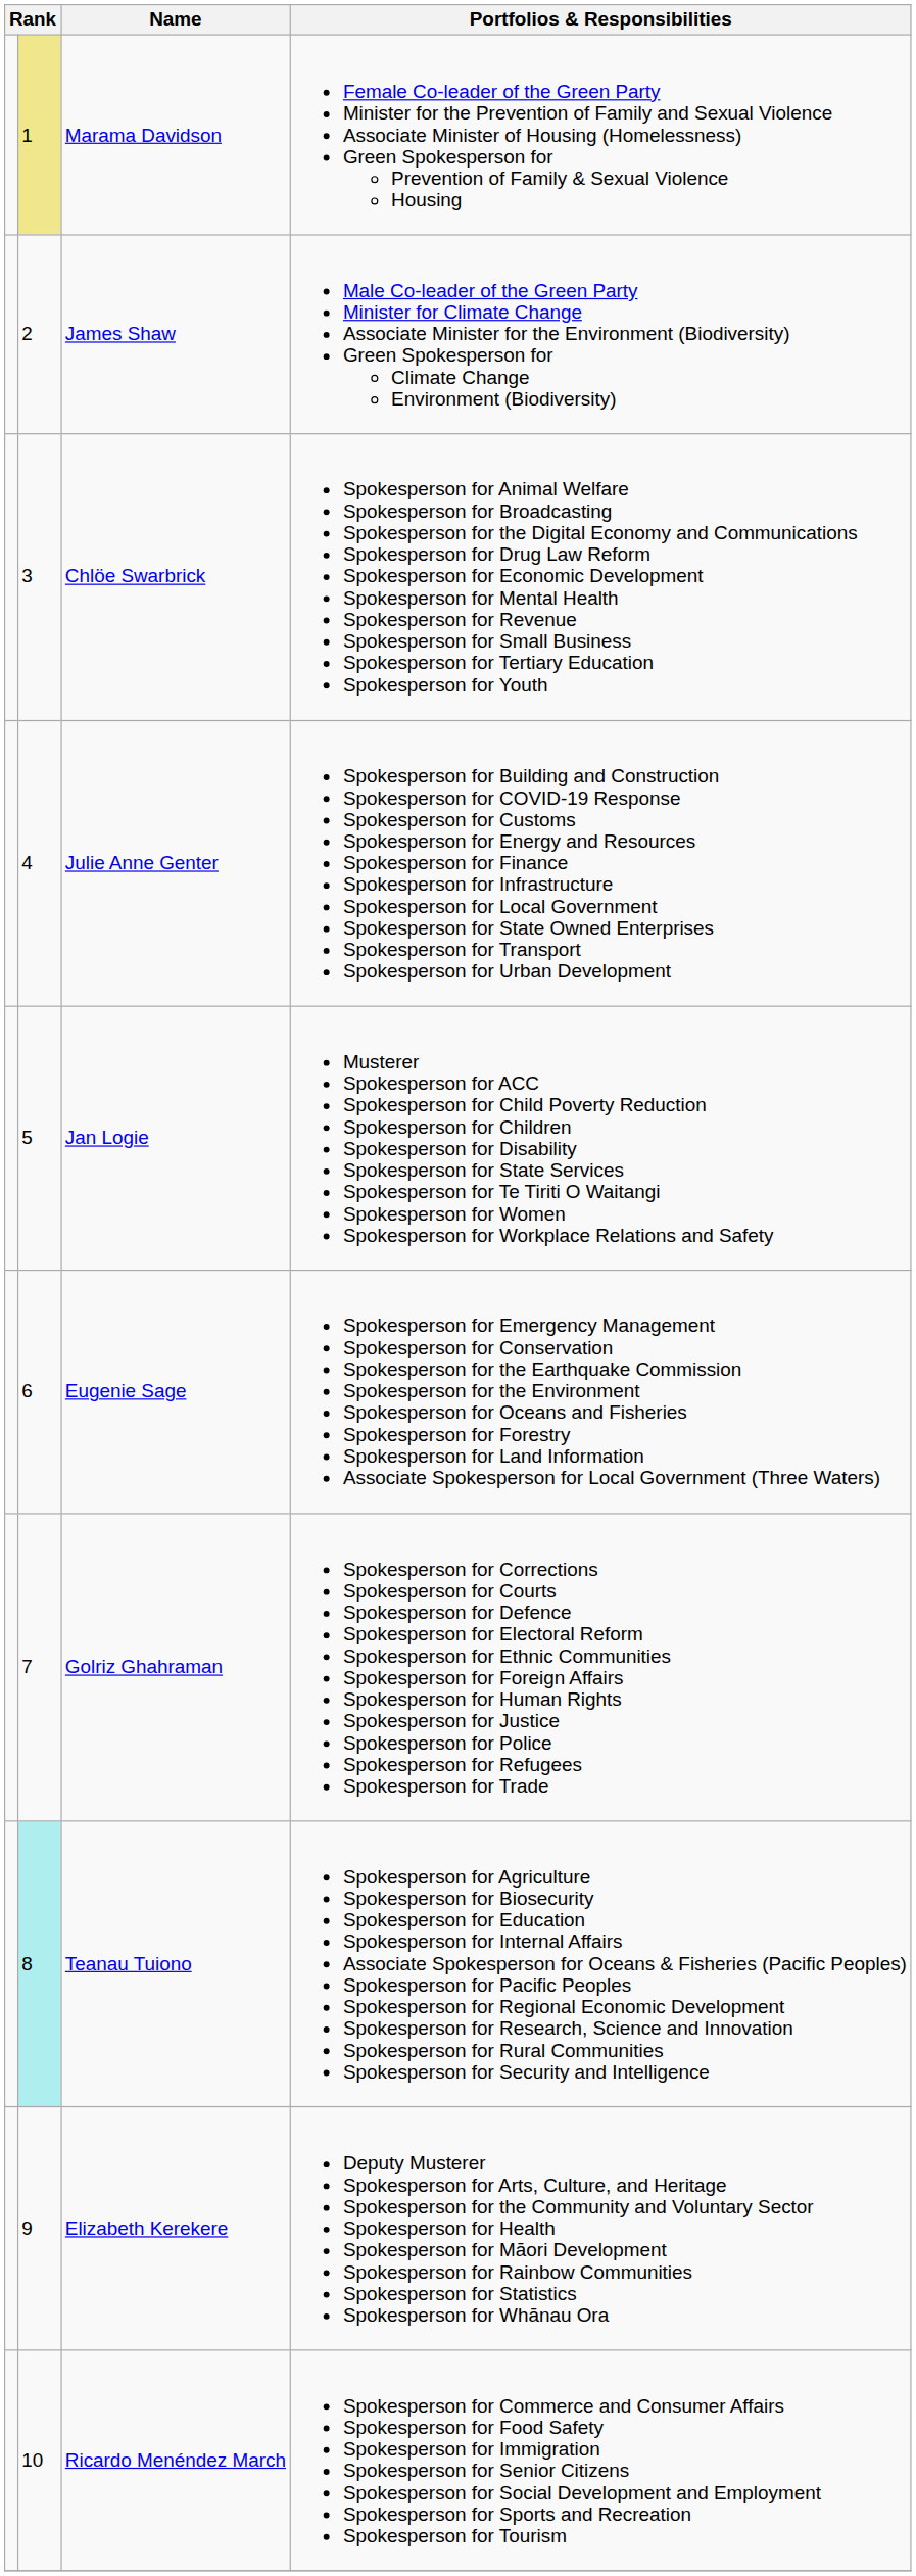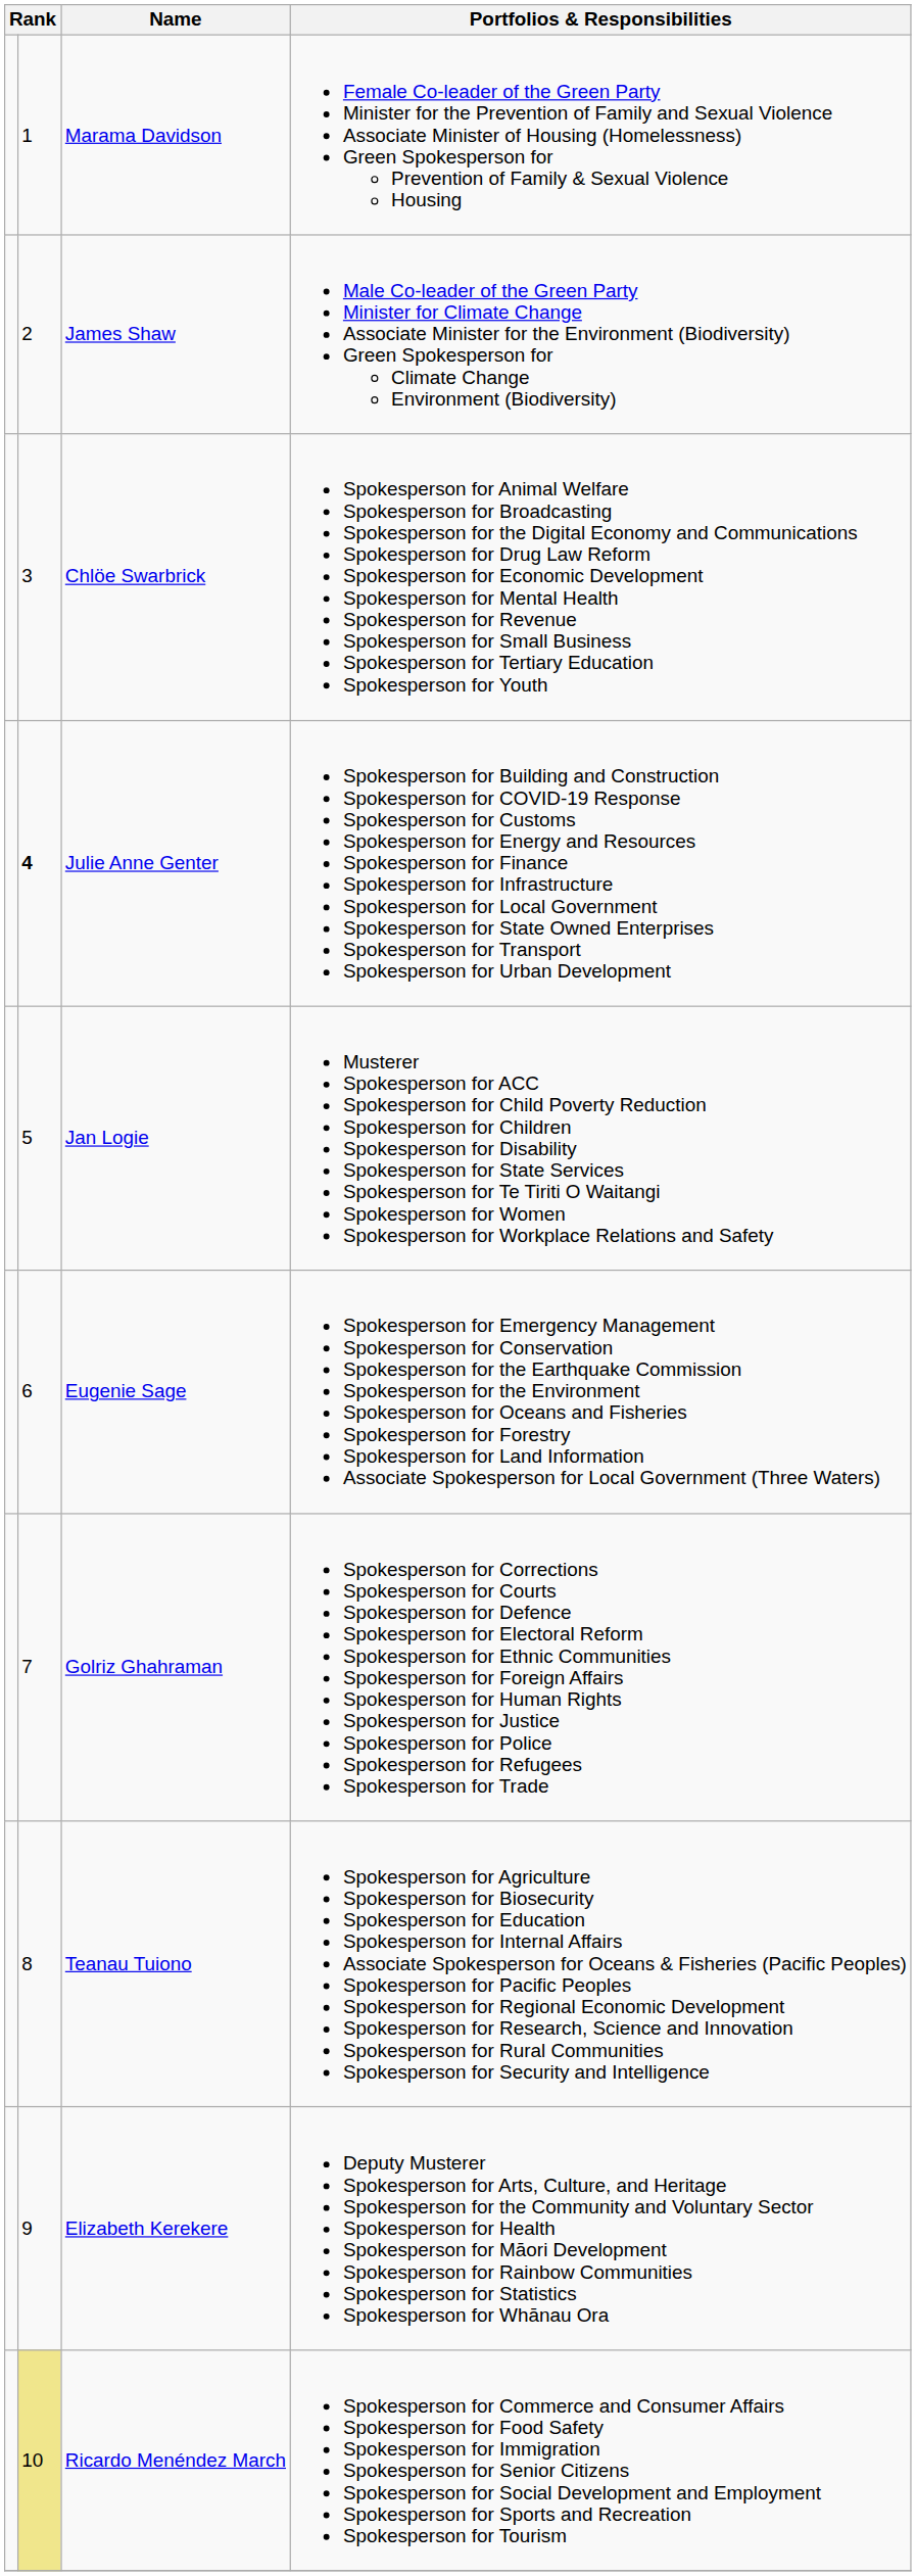 <table class="wikitable">
 <tr>
 <th colspan="2">Rank</th>
 <th>Name</th>
 <th>Portfolios & Responsibilities</th>
 </tr>
 <tr id="Table row 1">
 <td bgcolor=></td>
-<td style="background: khaki;">1</td>
+<td>1</td>
 <td><a href='#'>Marama Davidson</a></td>
 <td><br><ul><li><a href='#'>Female Co-leader of the Green Party</a></li><li>Minister for the Prevention of Family and Sexual Violence</li><li>Associate Minister of Housing (Homelessness)</li><li>Green Spokesperson for<ul><li>Prevention of Family & Sexual Violence</li><li>Housing</li></ul></li></ul></td>
 </tr>
 <tr id="Table row 2">
 <td bgcolor=></td>
 <td>2</td>
 <td><a href='#'>James Shaw</a></td>
 <td><br><ul><li><a href='#'>Male Co-leader of the Green Party</a></li><li><a href='#'>Minister for Climate Change</a></li><li>Associate Minister for the Environment (Biodiversity)</li><li>Green Spokesperson for<ul><li>Climate Change</li><li>Environment (Biodiversity)</li></ul></li></ul></td>
 </tr>
 <tr id="Table row 3">
 <td bgcolor=></td>
 <td>3</td>
 <td><a href='#'>Chlöe Swarbrick</a></td>
 <td><br><ul><li>Spokesperson for Animal Welfare</li><li>Spokesperson for Broadcasting</li><li>Spokesperson for the Digital Economy and Communications</li><li>Spokesperson for Drug Law Reform</li><li>Spokesperson for Economic Development</li><li>Spokesperson for Mental Health</li><li>Spokesperson for Revenue</li><li>Spokesperson for Small Business</li><li>Spokesperson for Tertiary Education</li><li>Spokesperson for Youth</li></ul></td>
 </tr>
 <tr id="Table row 4">
 <td bgcolor=></td>
-<td>4</td>
+<td><strong>4</strong></td>
 <td><a href='#'>Julie Anne Genter</a></td>
 <td><br><ul><li>Spokesperson for Building and Construction</li><li>Spokesperson for COVID-19 Response</li><li>Spokesperson for Customs</li><li>Spokesperson for Energy and Resources</li><li>Spokesperson for Finance</li><li>Spokesperson for Infrastructure</li><li>Spokesperson for Local Government</li><li>Spokesperson for State Owned Enterprises</li><li>Spokesperson for Transport</li><li>Spokesperson for Urban Development</li></ul></td>
 </tr>
 <tr id="Table row 5">
 <td bgcolor=></td>
 <td>5</td>
 <td><a href='#'>Jan Logie</a></td>
 <td><br><ul><li>Musterer</li><li>Spokesperson for ACC</li><li>Spokesperson for Child Poverty Reduction</li><li>Spokesperson for Children</li><li>Spokesperson for Disability</li><li>Spokesperson for State Services</li><li>Spokesperson for Te Tiriti O Waitangi</li><li>Spokesperson for Women</li><li>Spokesperson for Workplace Relations and Safety</li></ul></td>
 </tr>
 <tr id="Table row 6">
 <td bgcolor=></td>
 <td>6</td>
 <td><a href='#'>Eugenie Sage</a></td>
 <td><br><ul><li>Spokesperson for Emergency Management</li><li>Spokesperson for Conservation</li><li>Spokesperson for the Earthquake Commission</li><li>Spokesperson for the Environment</li><li>Spokesperson for Oceans and Fisheries</li><li>Spokesperson for Forestry</li><li>Spokesperson for Land Information</li><li>Associate Spokesperson for Local Government (Three Waters)</li></ul></td>
 </tr>
 <tr id="Table row 7">
 <td bgcolor=></td>
 <td>7</td>
 <td><a href='#'>Golriz Ghahraman</a></td>
 <td><br><ul><li>Spokesperson for Corrections</li><li>Spokesperson for Courts</li><li>Spokesperson for Defence</li><li>Spokesperson for Electoral Reform</li><li>Spokesperson for Ethnic Communities</li><li>Spokesperson for Foreign Affairs</li><li>Spokesperson for Human Rights</li><li>Spokesperson for Justice</li><li>Spokesperson for Police</li><li>Spokesperson for Refugees</li><li>Spokesperson for Trade</li></ul></td>
 </tr>
 <tr id="Table row 8">
 <td bgcolor=></td>
-<td style="background: paleturquoise;">8</td>
+<td>8</td>
 <td><a href='#'>Teanau Tuiono</a></td>
 <td><br><ul><li>Spokesperson for Agriculture</li><li>Spokesperson for Biosecurity</li><li>Spokesperson for Education</li><li>Spokesperson for Internal Affairs</li><li>Associate Spokesperson for Oceans & Fisheries (Pacific Peoples)</li><li>Spokesperson for Pacific Peoples</li><li>Spokesperson for Regional Economic Development</li><li>Spokesperson for Research, Science and Innovation</li><li>Spokesperson for Rural Communities</li><li>Spokesperson for Security and Intelligence</li></ul></td>
 </tr>
 <tr id="Table row 9">
 <td bgcolor=></td>
 <td>9</td>
 <td><a href='#'>Elizabeth Kerekere</a></td>
 <td><br><ul><li>Deputy Musterer</li><li>Spokesperson for Arts, Culture, and Heritage</li><li>Spokesperson for the Community and Voluntary Sector</li><li>Spokesperson for Health</li><li>Spokesperson for Māori Development</li><li>Spokesperson for Rainbow Communities</li><li>Spokesperson for Statistics</li><li>Spokesperson for Whānau Ora</li></ul></td>
 </tr>
 <tr id="Table row 10">
 <td bgcolor=></td>
-<td>10</td>
+<td style="background: khaki;">10</td>
 <td><a href='#'>Ricardo Menéndez March</a></td>
 <td><br><ul><li>Spokesperson for Commerce and Consumer Affairs</li><li>Spokesperson for Food Safety</li><li>Spokesperson for Immigration</li><li>Spokesperson for Senior Citizens</li><li>Spokesperson for Social Development and Employment</li><li>Spokesperson for Sports and Recreation</li><li>Spokesperson for Tourism</li></ul></td>
 </tr>
 <tr>
 </tr>
 </table>
